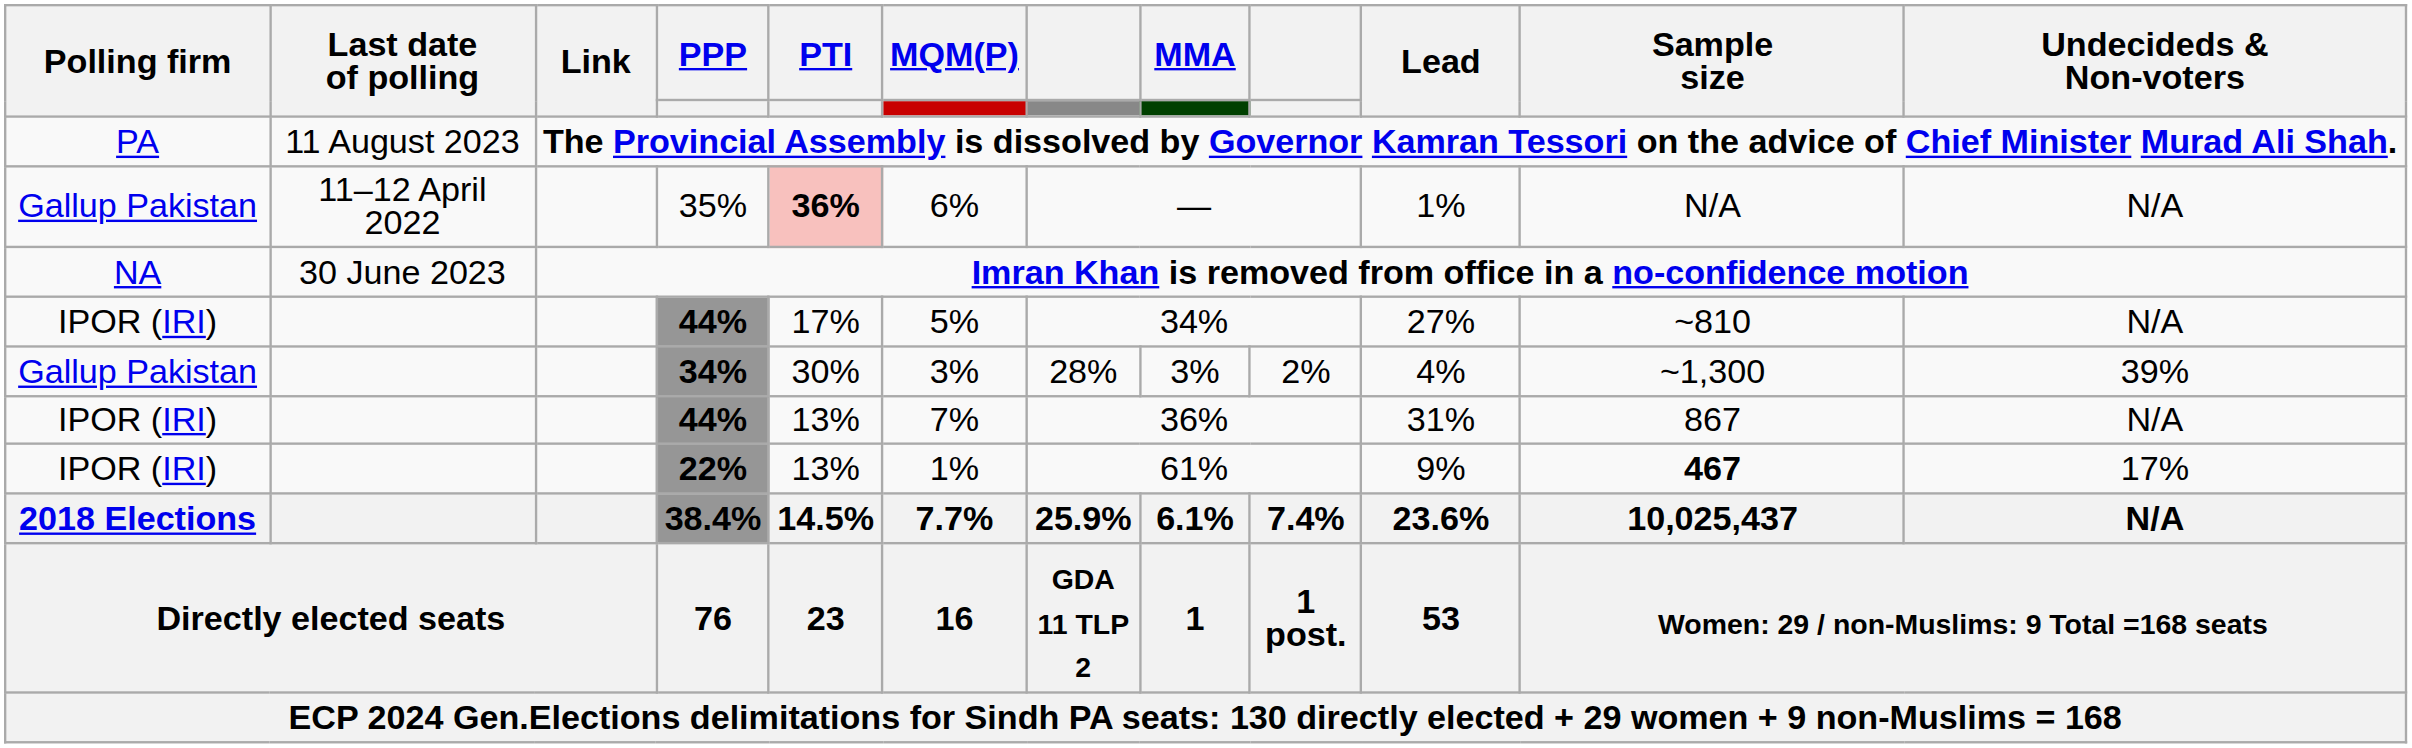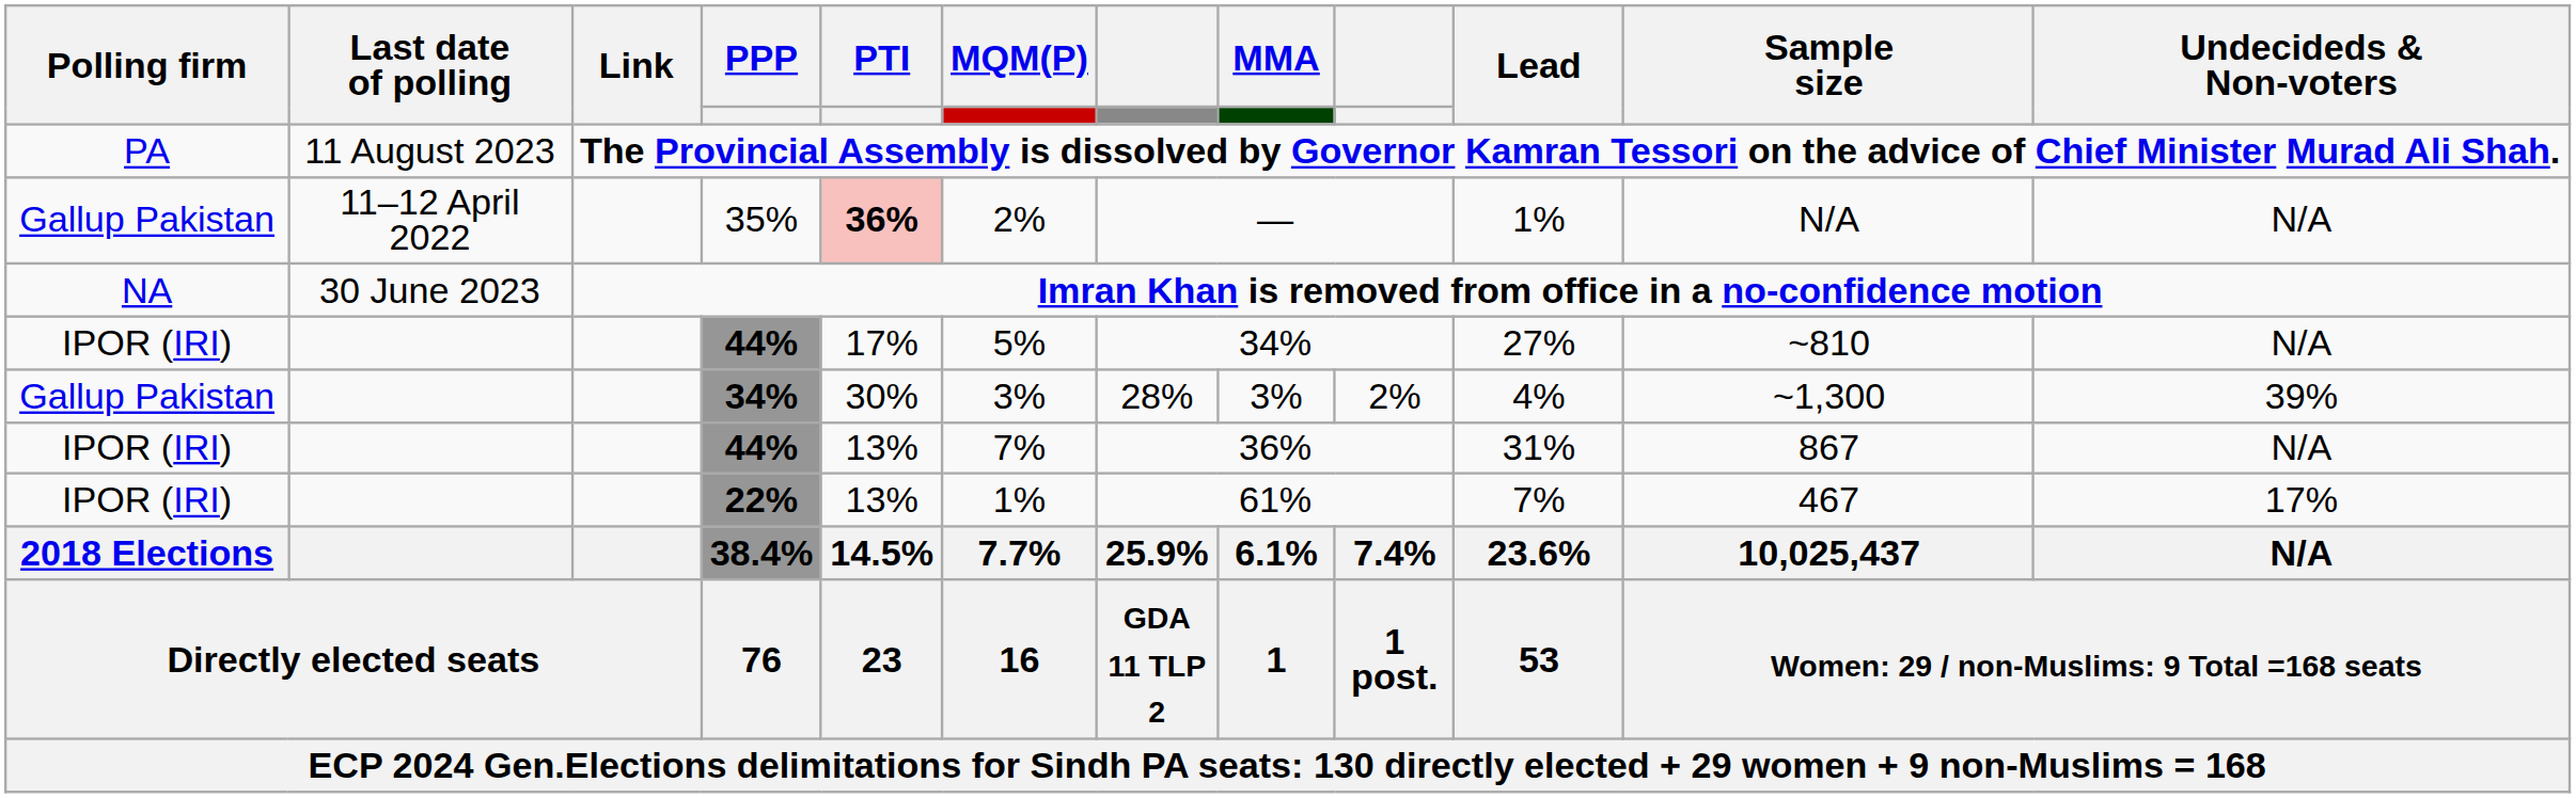 <table class="wikitable sortable" style="text-align:center;font-size:90%;line-height:14px">
 <tr style="height:40px;">
 <th style="width:105px;" rowspan="2">Polling firm</th>
 <th style="width:105px;" rowspan="2">Last date<br>of polling</th>
 <th rowspan="2">Link</th>
 <th class="unsortable" style="width:40px;"><a href='#'>PPP</a></th>
 <th class="unsortable" style="width:40px;"><a href='#'>PTI</a></th>
 <th class="unsortable" style="width:40px;"><a href='#'>MQM(P)</a></th>
 <th class="unsortable" style="width:40px;"><a href='#'></a></th>
 <th class="unsortable" style="width:40px;"><a href='#'>MMA</a></th>
 <th class="unsortable" style="width:40px;"><a href='#'></a></th>
 <th rowspan="2">Lead</th>
 <th rowspan="2">Sample<br>size</th>
 <th rowspan="2">Undecideds &<br>Non-voters</th>
 </tr>
 <tr>
 <th style="background:"></th>
 <th style="background:"></th>
 <th style="background:#C80000;" data-sort-type="number"></th>
 <th style="background:#888888;" data-sort-type="number"></th>
 <th style="background:#004000;" data-sort-type="number"></th>
 <th style="background:"></th>
 </tr>
 <tr>
 <td><a href='#'>PA</a></td>
 <td>11 August 2023</td>
 <td colspan="10"><strong>The <a href='#'>Provincial Assembly</a> is dissolved by <a href='#'>Governor</a> <a href='#'>Kamran Tessori</a> on the advice of <a href='#'>Chief Minister</a> <a href='#'>Murad Ali Shah</a>.</strong></td>
 </tr>
 <tr>
 <td><a href='#'>Gallup Pakistan</a></td>
 <td data-sort-value="2022-04-11">11–12 April 2022</td>
 <td></td>
 <td>35%</td>
 <td style="background:rgb(248, 193, 190)"><strong>36%</strong></td>
-<td>6%</td>
+<td>2%</td>
 <td colspan="3">—</td>
 <td style="background:"><span>1%</span></td>
 <td>N/A</td>
 <td>N/A</td>
 </tr>
 <tr>
 <td rowspan="1"><a href='#'>NA</a></td>
 <td>30 June 2023</td>
 <td colspan="10"><strong><a href='#'>Imran Khan</a> is removed from office in a <a href='#'>no-confidence motion</a></strong></td>
 </tr>
 <tr>
 <td>IPOR (<a href='#'>IRI</a>)</td>
 <td></td>
 <td></td>
 <td style="background:rgb(150, 150, 150)"><strong>44%</strong></td>
 <td>17%</td>
 <td>5%</td>
 <td colspan="3">34%</td>
 <td style="background:"><span>27%</span></td>
 <td>~810</td>
 <td>N/A</td>
 </tr>
 <tr>
 <td><a href='#'>Gallup Pakistan</a></td>
 <td></td>
 <td></td>
 <td style="background:rgb(150, 150, 150)"><strong>34%</strong></td>
 <td>30%</td>
 <td>3%</td>
 <td>28%</td>
 <td>3%</td>
 <td>2%</td>
 <td style="background:"><span>4%</span></td>
 <td>~1,300</td>
 <td>39%</td>
 </tr>
 <tr>
 <td>IPOR (<a href='#'>IRI</a>)</td>
 <td></td>
 <td></td>
 <td style="background:rgb(150, 150, 150)"><strong>44%</strong></td>
 <td>13%</td>
 <td>7%</td>
 <td colspan="3">36%</td>
 <td style="background:"><span>31%</span></td>
 <td>867</td>
 <td>N/A</td>
 </tr>
 <tr>
 <td>IPOR (<a href='#'>IRI</a>)</td>
 <td></td>
 <td></td>
 <td style="background:rgb(150, 150, 150)"><strong>22%</strong></td>
 <td>13%</td>
 <td>1%</td>
 <td colspan="3">61%</td>
-<td style="background:"><span>9%</span></td>
-<td><strong>467</strong></td>
+<td style="background:"><span>7%</span></td>
+<td>467</td>
 <td>17%</td>
 </tr>
 <tr>
 <th><a href='#'>2018 Elections</a></th>
 <th></th>
 <th></th>
 <th style="background:rgb(150, 150, 150)"><strong>38.4%</strong></th>
 <th>14.5%</th>
 <th>7.7%</th>
 <th>25.9%</th>
 <th>6.1%</th>
 <th>7.4%</th>
 <th style="background:"><span>23.6%</span></th>
 <th>10,025,437</th>
 <th>N/A</th>
 </tr>
 <tr>
 <th colspan="3">Directly elected seats</th>
 <th>76</th>
 <th>23</th>
 <th>16</th>
 <th><sub>GDA 11 TLP 2</sub></th>
 <th>1</th>
 <th>1 post.</th>
 <th>53</th>
 <th colspan="2"><sub>Women: 29 / non-Muslims: 9       Total =168 seats</sub></th>
 </tr>
 <tr>
 <th colspan="12">ECP 2024 Gen.Elections delimitations for Sindh PA seats: 130 directly elected + 29 women + 9 non-Muslims = 168</th>
 </tr>
 </table>
